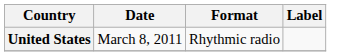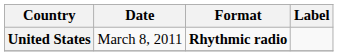 <table class="wikitable plainrowheaders">
 <tr>
 <th scope="col">Country</th>
 <th scope="col">Date</th>
 <th scope="col">Format</th>
 <th scope="col">Label</th>
 </tr>
 <tr>
 <th scope="row">United States</th>
 <td>March 8, 2011</td>
-<td>Rhythmic radio</td>
+<td><strong>Rhythmic radio</strong></td>
 <td></td>
 </tr>
 <tr>
 </tr>
 </table>
